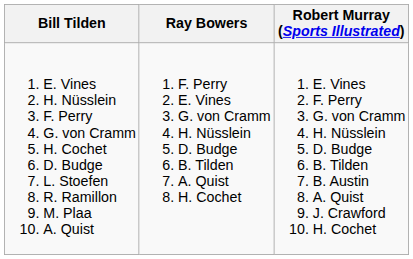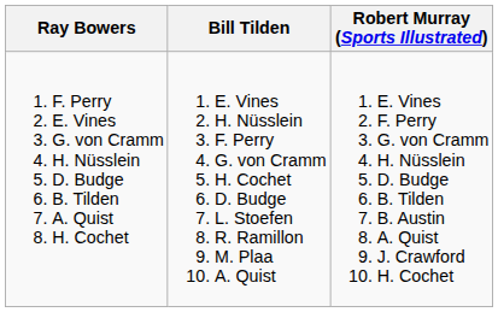 <table class="wikitable">
 <tr>
+<th>Ray Bowers</th>
 <th>Bill Tilden</th>
-<th>Ray Bowers</th>
 <th>Robert Murray<br>(<em><a href='#'>Sports Illustrated</a></em>)</th>
 </tr>
 <tr style="vertical-align: top;">
+<td style="white-space: nowrap;"><br><ol><li> F. Perry</li><li> E. Vines</li><li> G. von Cramm</li><li> H. Nüsslein</li><li> D. Budge</li><li> B. Tilden</li><li> A. Quist</li><li> H. Cochet</li></ol></td>
 <td style="white-space: nowrap;"><br><ol><li> E. Vines</li><li> H. Nüsslein</li><li> F. Perry</li><li> G. von Cramm</li><li> H. Cochet</li><li> D. Budge</li><li> L. Stoefen</li><li> R. Ramillon</li><li> M. Plaa</li><li> A. Quist</li></ol></td>
-<td style="white-space: nowrap;"><br><ol><li> F. Perry</li><li> E. Vines</li><li> G. von Cramm</li><li> H. Nüsslein</li><li> D. Budge</li><li> B. Tilden</li><li> A. Quist</li><li> H. Cochet</li></ol></td>
 <td style="white-space: nowrap;"><br><ol><li> E. Vines</li><li> F. Perry</li><li> G. von Cramm</li><li> H. Nüsslein</li><li> D. Budge</li><li> B. Tilden</li><li> B. Austin</li><li> A. Quist</li><li> J. Crawford</li><li> H. Cochet</li></ol></td>
 </tr>
 </table>
